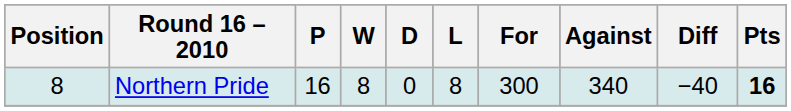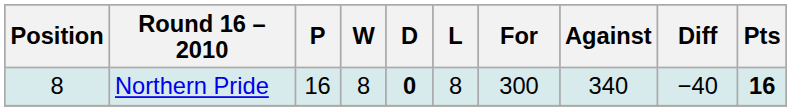 <table class="wikitable" style="text-align:center; font-size:85%;">
 <tr>
 <th width=40 abbr="Position">Position</th>
 <th width=100>Round 16 – 2010</th>
 <th width=20 abbr="Played">P</th>
 <th width=20 abbr="Won">W</th>
 <th width=20 abbr="Drawn">D</th>
 <th width=20 abbr="Lost">L</th>
 <th width=40 abbr="Points for">For</th>
 <th width=40 abbr="Points against">Against</th>
 <th width=40 abbr="Points difference">Diff</th>
 <th width=20 abbr="Points">Pts</th>
 </tr>
 <tr style="background: #d7ebed;">
 <td>8</td>
 <td style="text-align:left;"> <a href='#'>Northern Pride</a></td>
 <td>16</td>
 <td>8</td>
-<td>0</td>
+<td><strong>0</strong></td>
 <td>8</td>
 <td>300</td>
 <td>340</td>
 <td>−40</td>
 <td><strong>16</strong></td>
 </tr>
 <tr>
 </tr>
 </table>
